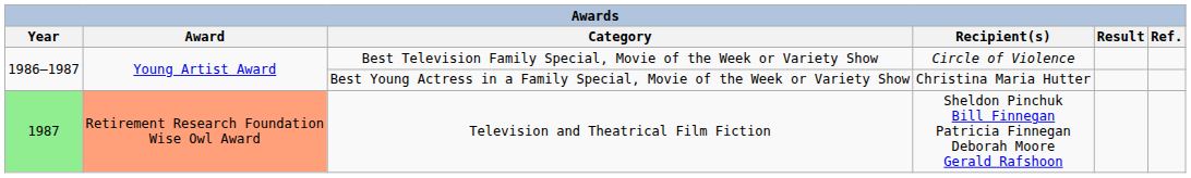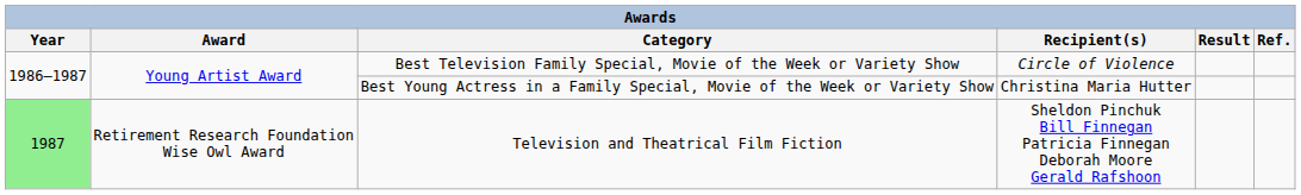 <table class="wikitable" style="text-align: center;" font-size: 100%;">
 <tr>
 <th colspan=6 style="background:#B0C4DE;">Awards</th>
 </tr>
 <tr>
 <th>Year</th>
 <th>Award</th>
 <th>Category</th>
 <th>Recipient(s)</th>
 <th>Result</th>
 <th>Ref.</th>
 </tr>
 <tr>
 <td rowspan=2>1986–1987</td>
 <td rowspan=2><a href='#'>Young Artist Award</a></td>
 <td align=center>Best Television Family Special, Movie of the Week or Variety Show</td>
 <td><em>Circle of Violence</em></td>
 <td></td>
 <td align=center></td>
 </tr>
 <tr>
 <td align=center>Best Young Actress in a Family Special, Movie of the Week or Variety Show</td>
 <td>Christina Maria Hutter</td>
 <td></td>
 <td align=center></td>
 </tr>
 <tr>
 <td align=center style="background: lightgreen;">1987</td>
-<td style="background: lightsalmon;">Retirement Research Foundation<br>Wise Owl Award</td>
+<td>Retirement Research Foundation<br>Wise Owl Award</td>
 <td align=center>Television and Theatrical Film Fiction</td>
 <td>Sheldon Pinchuk<br><a href='#'>Bill Finnegan</a><br>Patricia Finnegan<br>Deborah Moore<br><a href='#'>Gerald Rafshoon</a></td>
 <td></td>
 <td align=center></td>
 </tr>
 </table>
